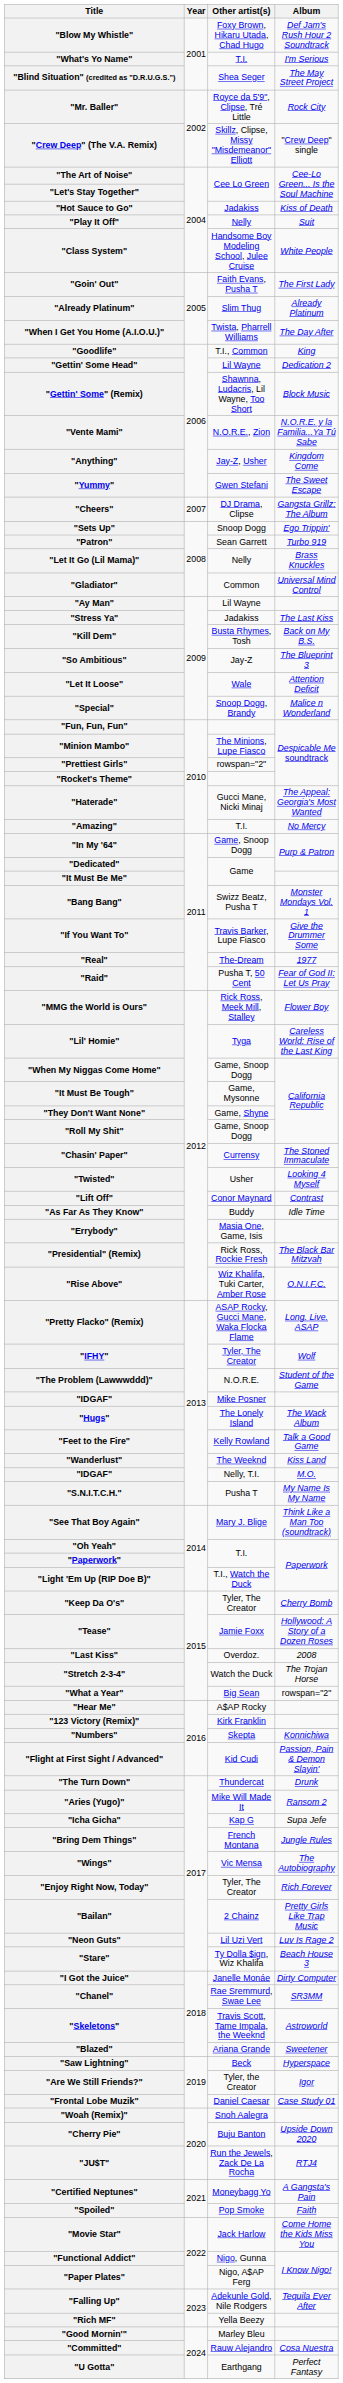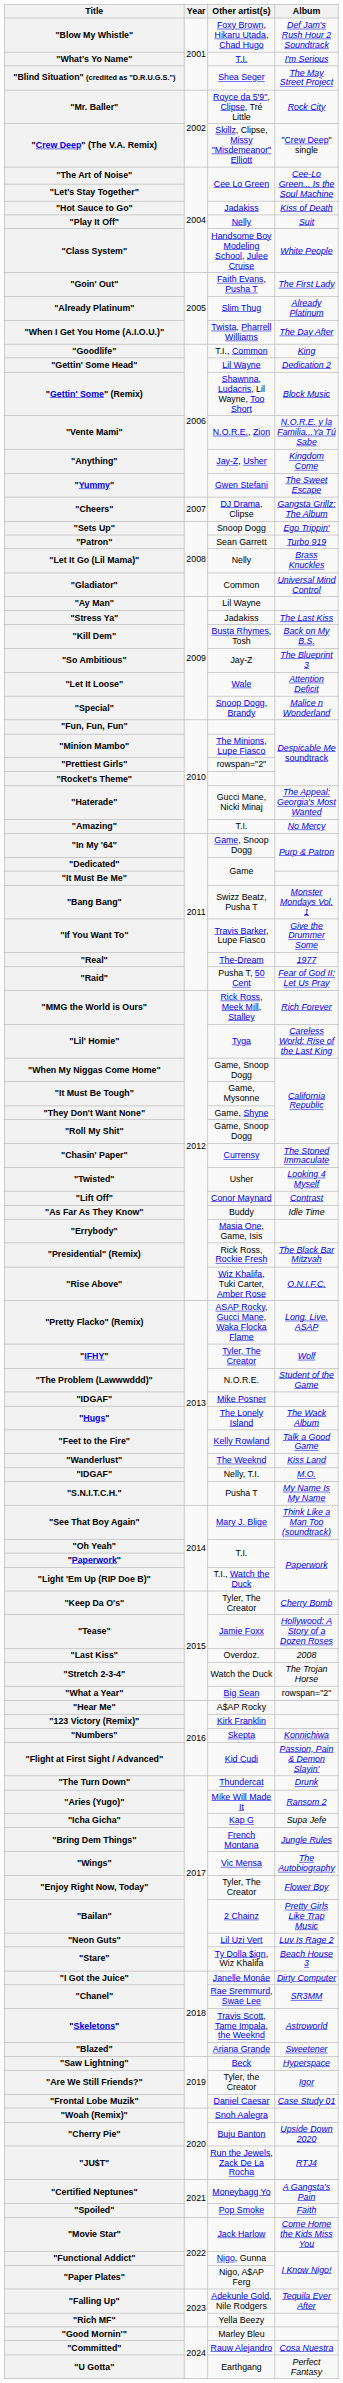 <table class="wikitable plainrowheaders" style="text-align:center;">
 <tr>
 <th scope="col" style="width:20em;">Title</th>
 <th scope="col" style="width:1em;">Year</th>
 <th scope="col">Other artist(s)</th>
 <th scope="col">Album</th>
 </tr>
 <tr>
 <th scope="row">"Blow My Whistle"</th>
 <td rowspan="3">2001</td>
 <td><a href='#'>Foxy Brown</a>, <a href='#'>Hikaru Utada</a>, <a href='#'>Chad Hugo</a></td>
 <td><em><a href='#'>Def Jam's Rush Hour 2 Soundtrack</a></em></td>
 </tr>
 <tr>
 <th scope="row">"What's Yo Name"</th>
 <td><a href='#'>T.I.</a></td>
 <td><em><a href='#'>I'm Serious</a></em></td>
 </tr>
 <tr>
 <th scope="row">"Blind Situation" <small>(credited as "D.R.U.G.S.")</small></th>
 <td><a href='#'>Shea Seger</a></td>
 <td><em><a href='#'>The May Street Project</a></em></td>
 </tr>
 <tr>
 <th scope="row">"Mr. Baller"</th>
 <td rowspan="2">2002</td>
 <td><a href='#'>Royce da 5'9"</a>, <a href='#'>Clipse</a>, Tré Little</td>
 <td><em><a href='#'>Rock City</a></em></td>
 </tr>
 <tr>
 <th scope="row">"<a href='#'>Crew Deep</a>" (The V.A. Remix)</th>
 <td><a href='#'>Skillz</a>, Clipse, <a href='#'>Missy "Misdemeanor" Elliott</a></td>
 <td>"<a href='#'>Crew Deep</a>" single</td>
 </tr>
 <tr>
 <th scope="row">"The Art of Noise"</th>
 <td rowspan="5">2004</td>
 <td rowspan="2"><a href='#'>Cee Lo Green</a></td>
 <td rowspan="2"><em><a href='#'>Cee-Lo Green... Is the Soul Machine</a></em></td>
 </tr>
 <tr>
 <th scope="row">"Let's Stay Together"</th>
 </tr>
 <tr>
 <th scope="row">"Hot Sauce to Go"</th>
 <td><a href='#'>Jadakiss</a></td>
 <td><em><a href='#'>Kiss of Death</a></em></td>
 </tr>
 <tr>
 <th scope="row">"Play It Off"</th>
 <td><a href='#'>Nelly</a></td>
 <td><em><a href='#'>Suit</a></em></td>
 </tr>
 <tr>
 <th scope="row">"Class System"</th>
 <td><a href='#'>Handsome Boy Modeling School</a>, <a href='#'>Julee Cruise</a></td>
 <td><em><a href='#'>White People</a></em></td>
 </tr>
 <tr>
 <th scope="row">"Goin' Out"</th>
 <td rowspan="3">2005</td>
 <td><a href='#'>Faith Evans</a>, <a href='#'>Pusha T</a></td>
 <td><em><a href='#'>The First Lady</a></em></td>
 </tr>
 <tr>
 <th scope="row">"Already Platinum"</th>
 <td><a href='#'>Slim Thug</a></td>
 <td><em><a href='#'>Already Platinum</a></em></td>
 </tr>
 <tr>
 <th scope="row">"When I Get You Home (A.I.O.U.)"</th>
 <td><a href='#'>Twista</a>, <a href='#'>Pharrell Williams</a></td>
 <td><em><a href='#'>The Day After</a></em></td>
 </tr>
 <tr>
 <th scope="row">"Goodlife"</th>
 <td rowspan="6">2006</td>
 <td>T.I., <a href='#'>Common</a></td>
 <td><em><a href='#'>King</a></em></td>
 </tr>
 <tr>
 <th scope="row">"Gettin' Some Head"</th>
 <td><a href='#'>Lil Wayne</a></td>
 <td><em><a href='#'>Dedication 2</a></em></td>
 </tr>
 <tr>
 <th scope="row">"<a href='#'>Gettin' Some</a>" (Remix)</th>
 <td><a href='#'>Shawnna</a>, <a href='#'>Ludacris</a>, Lil Wayne, <a href='#'>Too Short</a></td>
 <td><em><a href='#'>Block Music</a></em></td>
 </tr>
 <tr>
 <th scope="row">"Vente Mami"</th>
 <td><a href='#'>N.O.R.E.</a>, <a href='#'>Zion</a></td>
 <td><em><a href='#'>N.O.R.E. y la Familia...Ya Tú Sabe</a></em></td>
 </tr>
 <tr>
 <th scope="row">"Anything"</th>
 <td><a href='#'>Jay-Z</a>, <a href='#'>Usher</a></td>
 <td><em><a href='#'>Kingdom Come</a></em></td>
 </tr>
 <tr>
 <th scope="row">"<a href='#'>Yummy</a>"</th>
 <td><a href='#'>Gwen Stefani</a></td>
 <td><em><a href='#'>The Sweet Escape</a></em></td>
 </tr>
 <tr>
 <th scope="row">"Cheers"</th>
 <td>2007</td>
 <td><a href='#'>DJ Drama</a>, Clipse</td>
 <td><em><a href='#'>Gangsta Grillz: The Album</a></em></td>
 </tr>
 <tr>
 <th scope="row">"Sets Up"</th>
 <td rowspan="4">2008</td>
 <td>Snoop Dogg</td>
 <td><em><a href='#'>Ego Trippin'</a></em></td>
 </tr>
 <tr>
 <th scope="row">"Patron"</th>
 <td>Sean Garrett</td>
 <td><em><a href='#'>Turbo 919</a></em></td>
 </tr>
 <tr>
 <th scope="row">"Let It Go (Lil Mama)"</th>
 <td>Nelly</td>
 <td><em><a href='#'>Brass Knuckles</a></em></td>
 </tr>
 <tr>
 <th scope="row">"Gladiator"</th>
 <td>Common</td>
 <td><em><a href='#'>Universal Mind Control</a></em></td>
 </tr>
 <tr>
 <th scope="row">"Ay Man"</th>
 <td rowspan="6">2009</td>
 <td>Lil Wayne</td>
 <td></td>
 </tr>
 <tr>
 <th scope="row">"Stress Ya"</th>
 <td>Jadakiss</td>
 <td><em><a href='#'>The Last Kiss</a></em></td>
 </tr>
 <tr>
 <th scope="row">"Kill Dem"</th>
 <td><a href='#'>Busta Rhymes</a>, Tosh</td>
 <td><em><a href='#'>Back on My B.S.</a></em></td>
 </tr>
 <tr>
 <th scope="row">"So Ambitious"</th>
 <td>Jay-Z</td>
 <td><em><a href='#'>The Blueprint 3</a></em></td>
 </tr>
 <tr>
 <th scope="row">"Let It Loose"</th>
 <td><a href='#'>Wale</a></td>
 <td><em><a href='#'>Attention Deficit</a></em></td>
 </tr>
 <tr>
 <th scope="row">"Special"</th>
 <td><a href='#'>Snoop Dogg</a>, <a href='#'>Brandy</a></td>
 <td><em><a href='#'>Malice n Wonderland</a></em></td>
 </tr>
 <tr>
 <th scope="row">"Fun, Fun, Fun"</th>
 <td rowspan="6">2010</td>
 <td></td>
 <td rowspan="4"><a href='#'><em>Despicable Me</em> soundtrack</a></td>
 </tr>
 <tr>
 <th scope="row">"Minion Mambo"</th>
 <td><a href='#'>The Minions</a>, <a href='#'>Lupe Fiasco</a></td>
 </tr>
 <tr>
 <th scope="row">"Prettiest Girls"</th>
 <td>rowspan="2" </td>
 </tr>
 <tr>
 <th scope="row">"Rocket's Theme"</th>
 </tr>
 <tr>
 <th scope="row">"Haterade"</th>
 <td>Gucci Mane, Nicki Minaj</td>
 <td><em><a href='#'>The Appeal: Georgia's Most Wanted</a></em></td>
 </tr>
 <tr>
 <th scope="row">"Amazing"</th>
 <td>T.I.</td>
 <td><em><a href='#'>No Mercy</a></em></td>
 </tr>
 <tr>
 <th scope="row">"In My '64"</th>
 <td rowspan="7">2011</td>
 <td><a href='#'>Game</a>, Snoop Dogg</td>
 <td rowspan="2"><em><a href='#'>Purp & Patron</a></em></td>
 </tr>
 <tr>
 <th scope="row">"Dedicated"</th>
 <td rowspan="2">Game</td>
 </tr>
 <tr>
 <th scope="row">"It Must Be Me"</th>
 <td></td>
 </tr>
 <tr>
 <th scope="row">"Bang Bang"</th>
 <td>Swizz Beatz, Pusha T</td>
 <td><em><a href='#'>Monster Mondays Vol. 1</a></em></td>
 </tr>
 <tr>
 <th scope="row">"If You Want To"</th>
 <td><a href='#'>Travis Barker</a>, Lupe Fiasco</td>
 <td><em><a href='#'>Give the Drummer Some</a></em></td>
 </tr>
 <tr>
 <th scope="row">"Real"</th>
 <td><a href='#'>The-Dream</a></td>
 <td><em><a href='#'>1977</a></em></td>
 </tr>
 <tr>
 <th scope="row">"Raid"</th>
 <td>Pusha T, <a href='#'>50 Cent</a></td>
 <td><em><a href='#'>Fear of God II: Let Us Pray</a></em></td>
 </tr>
 <tr>
 <th scope="row">"MMG the World is Ours"</th>
 <td rowspan="13">2012</td>
 <td><a href='#'>Rick Ross</a>, <a href='#'>Meek Mill</a>, <a href='#'>Stalley</a></td>
-<td><em><a href='#'>Flower Boy</a></em></td>
+<td><em><a href='#'>Rich Forever</a></em></td>
 </tr>
 <tr>
 <th scope="row">"Lil' Homie"</th>
 <td><a href='#'>Tyga</a></td>
 <td><em><a href='#'>Careless World: Rise of the Last King</a></em></td>
 </tr>
 <tr>
 <th scope="row">"When My Niggas Come Home"</th>
 <td>Game, Snoop Dogg</td>
 <td rowspan="4"><em><a href='#'>California Republic</a></em></td>
 </tr>
 <tr>
 <th scope="row">"It Must Be Tough"</th>
 <td>Game, Mysonne</td>
 </tr>
 <tr>
 <th scope="row">"They Don't Want None"</th>
 <td>Game, <a href='#'>Shyne</a></td>
 </tr>
 <tr>
 <th scope="row">"Roll My Shit"</th>
 <td>Game, Snoop Dogg</td>
 </tr>
 <tr>
 <th scope="row">"Chasin' Paper"</th>
 <td><a href='#'>Currensy</a></td>
 <td><em><a href='#'>The Stoned Immaculate</a></em></td>
 </tr>
 <tr>
 <th scope="row">"Twisted"</th>
 <td>Usher</td>
 <td><em><a href='#'>Looking 4 Myself</a></em></td>
 </tr>
 <tr>
 <th scope="row">"Lift Off"</th>
 <td><a href='#'>Conor Maynard</a></td>
 <td><em><a href='#'>Contrast</a></em></td>
 </tr>
 <tr>
 <th scope="row">"As Far As They Know"</th>
 <td>Buddy</td>
 <td><em>Idle Time</em></td>
 </tr>
 <tr>
 <th scope="row">"Errybody"</th>
 <td><a href='#'>Masia One</a>, Game, Isis</td>
 <td></td>
 </tr>
 <tr>
 <th scope="row">"Presidential" (Remix)</th>
 <td>Rick Ross, <a href='#'>Rockie Fresh</a></td>
 <td><em><a href='#'>The Black Bar Mitzvah</a></em></td>
 </tr>
 <tr>
 <th scope="row">"Rise Above"</th>
 <td><a href='#'>Wiz Khalifa</a>, Tuki Carter, <a href='#'>Amber Rose</a></td>
 <td><em><a href='#'>O.N.I.F.C.</a></em></td>
 </tr>
 <tr>
 <th scope="row">"Pretty Flacko" (Remix)</th>
 <td rowspan="9">2013</td>
 <td><a href='#'>ASAP Rocky</a>, <a href='#'>Gucci Mane</a>, <a href='#'>Waka Flocka Flame</a></td>
 <td><em><a href='#'>Long. Live. ASAP</a></em></td>
 </tr>
 <tr>
 <th scope="row">"<a href='#'>IFHY</a>"</th>
 <td><a href='#'>Tyler, The Creator</a></td>
 <td><em><a href='#'>Wolf</a></em></td>
 </tr>
 <tr>
 <th scope="row">"The Problem (Lawwwddd)"</th>
 <td>N.O.R.E.</td>
 <td><em><a href='#'>Student of the Game</a></em></td>
 </tr>
 <tr>
 <th scope="row">"IDGAF"</th>
 <td><a href='#'>Mike Posner</a></td>
 <td></td>
 </tr>
 <tr>
 <th scope="row">"<a href='#'>Hugs</a>"</th>
 <td><a href='#'>The Lonely Island</a></td>
 <td><em><a href='#'>The Wack Album</a></em></td>
 </tr>
 <tr>
 <th scope="row">"Feet to the Fire"</th>
 <td><a href='#'>Kelly Rowland</a></td>
 <td><em><a href='#'>Talk a Good Game</a></em></td>
 </tr>
 <tr>
 <th scope="row">"Wanderlust"</th>
 <td><a href='#'>The Weeknd</a></td>
 <td><em><a href='#'>Kiss Land</a></em></td>
 </tr>
 <tr>
 <th scope="row">"IDGAF"</th>
 <td>Nelly, T.I.</td>
 <td><em><a href='#'>M.O.</a></em></td>
 </tr>
 <tr>
 <th scope="row">"S.N.I.T.C.H."</th>
 <td>Pusha T</td>
 <td><em><a href='#'>My Name Is My Name</a></em></td>
 </tr>
 <tr>
 <th scope="row">"See That Boy Again"</th>
 <td rowspan="4">2014</td>
 <td><a href='#'>Mary J. Blige</a></td>
 <td><em><a href='#'>Think Like a Man Too (soundtrack)</a></em></td>
 </tr>
 <tr>
 <th scope="row">"Oh Yeah"</th>
 <td rowspan="2">T.I.</td>
 <td rowspan="3"><em><a href='#'>Paperwork</a></em></td>
 </tr>
 <tr>
 <th scope="row">"<a href='#'>Paperwork</a>"</th>
 </tr>
 <tr>
 <th scope="row">"Light 'Em Up (RIP Doe B)"</th>
 <td>T.I., <a href='#'>Watch the Duck</a></td>
 </tr>
 <tr>
 <th scope="row">"Keep Da O's"</th>
 <td rowspan="5">2015</td>
 <td>Tyler, The Creator</td>
 <td><em><a href='#'>Cherry Bomb</a></em></td>
 </tr>
 <tr>
 <th scope="row">"Tease"</th>
 <td><a href='#'>Jamie Foxx</a></td>
 <td><em><a href='#'>Hollywood: A Story of a Dozen Roses</a></em></td>
 </tr>
 <tr>
 <th scope="row">"Last Kiss"</th>
 <td>Overdoz.</td>
 <td><em>2008</em></td>
 </tr>
 <tr>
 <th scope="row">"Stretch 2-3-4"</th>
 <td>Watch the Duck</td>
 <td><em>The Trojan Horse</em></td>
 </tr>
 <tr>
 <th scope="row">"What a Year"</th>
 <td><a href='#'>Big Sean</a></td>
 <td>rowspan="2" </td>
 </tr>
 <tr>
 <th scope="row">"Hear Me"</th>
 <td rowspan="4">2016</td>
 <td>A$AP Rocky</td>
 </tr>
 <tr>
 <th scope="row">"123 Victory (Remix)"</th>
 <td><a href='#'>Kirk Franklin</a></td>
 <td></td>
 </tr>
 <tr>
 <th scope="row">"Numbers"</th>
 <td><a href='#'>Skepta</a></td>
 <td><em><a href='#'>Konnichiwa</a></em></td>
 </tr>
 <tr>
 <th scope="row">"Flight at First Sight / Advanced"</th>
 <td><a href='#'>Kid Cudi</a></td>
 <td><em><a href='#'>Passion, Pain & Demon Slayin'</a></em></td>
 </tr>
 <tr>
 <th scope="row">"The Turn Down"</th>
 <td rowspan="9">2017</td>
 <td><a href='#'>Thundercat</a></td>
 <td><em><a href='#'>Drunk</a></em></td>
 </tr>
 <tr>
 <th scope="row">"Aries (Yugo)"</th>
 <td><a href='#'>Mike Will Made It</a></td>
 <td><em><a href='#'>Ransom 2</a></em></td>
 </tr>
 <tr>
 <th scope="row">"Icha Gicha"</th>
 <td><a href='#'>Kap G</a></td>
 <td><em>Supa Jefe</em></td>
 </tr>
 <tr>
 <th scope="row">"Bring Dem Things"</th>
 <td><a href='#'>French Montana</a></td>
 <td><em><a href='#'>Jungle Rules</a></em></td>
 </tr>
 <tr>
 <th scope="row">"Wings"</th>
 <td><a href='#'>Vic Mensa</a></td>
 <td><em><a href='#'>The Autobiography</a></em></td>
 </tr>
 <tr>
 <th scope="row">"Enjoy Right Now, Today"</th>
 <td>Tyler, The Creator</td>
-<td><em><a href='#'>Rich Forever</a></em></td>
+<td><em><a href='#'>Flower Boy</a></em></td>
 </tr>
 <tr>
 <th scope="row">"Bailan"</th>
 <td><a href='#'>2 Chainz</a></td>
 <td><em><a href='#'>Pretty Girls Like Trap Music</a></em></td>
 </tr>
 <tr>
 <th scope="row">"Neon Guts"</th>
 <td><a href='#'>Lil Uzi Vert</a></td>
 <td><em><a href='#'>Luv Is Rage 2</a></em></td>
 </tr>
 <tr>
 <th scope="row">"Stare"</th>
 <td><a href='#'>Ty Dolla $ign</a>, Wiz Khalifa</td>
 <td><em><a href='#'>Beach House 3</a></em></td>
 </tr>
 <tr>
 <th scope="row">"I Got the Juice"</th>
 <td rowspan="4">2018</td>
 <td><a href='#'>Janelle Monáe</a></td>
 <td><em><a href='#'>Dirty Computer</a></em></td>
 </tr>
 <tr>
 <th scope="row">"Chanel"</th>
 <td><a href='#'>Rae Sremmurd</a>, <a href='#'>Swae Lee</a></td>
 <td><em><a href='#'>SR3MM</a></em></td>
 </tr>
 <tr>
 <th scope="row">"<a href='#'>Skeletons</a>"</th>
 <td><a href='#'>Travis Scott</a>, <a href='#'>Tame Impala</a>, <a href='#'>the Weeknd</a></td>
 <td><em><a href='#'>Astroworld</a></em></td>
 </tr>
 <tr>
 <th scope="row">"Blazed"</th>
 <td><a href='#'>Ariana Grande</a></td>
 <td><em><a href='#'>Sweetener</a></em></td>
 </tr>
 <tr>
 <th scope="row">"Saw Lightning"</th>
 <td rowspan="3">2019</td>
 <td><a href='#'>Beck</a></td>
 <td><em><a href='#'>Hyperspace</a></em></td>
 </tr>
 <tr>
 <th scope="row">"Are We Still Friends?"</th>
 <td>Tyler, the Creator</td>
 <td><em><a href='#'>Igor</a></em></td>
 </tr>
 <tr>
 <th scope="row">"Frontal Lobe Muzik"</th>
 <td><a href='#'>Daniel Caesar</a></td>
 <td><em><a href='#'>Case Study 01</a></em></td>
 </tr>
 <tr>
 <th scope="row">"Woah (Remix)"</th>
 <td rowspan="3">2020</td>
 <td><a href='#'>Snoh Aalegra</a></td>
 <td></td>
 </tr>
 <tr>
 <th scope="row">"Cherry Pie"</th>
 <td><a href='#'>Buju Banton</a></td>
 <td><em><a href='#'>Upside Down 2020</a></em></td>
 </tr>
 <tr>
 <th scope="row">"JU$T"</th>
 <td><a href='#'>Run the Jewels</a>, <a href='#'>Zack De La Rocha</a></td>
 <td><em><a href='#'>RTJ4</a></em></td>
 </tr>
 <tr>
 <th scope="row">"Certified Neptunes"</th>
 <td rowspan="2">2021</td>
 <td><a href='#'>Moneybagg Yo</a></td>
 <td><em><a href='#'>A Gangsta's Pain</a></em></td>
 </tr>
 <tr>
 <th scope="row">"Spoiled"</th>
 <td><a href='#'>Pop Smoke</a></td>
 <td><em><a href='#'>Faith</a></em></td>
 </tr>
 <tr>
 <th scope="row">"Movie Star"</th>
 <td rowspan="3">2022</td>
 <td><a href='#'>Jack Harlow</a></td>
 <td><em><a href='#'>Come Home the Kids Miss You</a></em></td>
 </tr>
 <tr>
 <th scope="row">"Functional Addict"</th>
 <td><a href='#'>Nigo</a>, Gunna</td>
 <td rowspan="2"><em><a href='#'>I Know Nigo!</a></em></td>
 </tr>
 <tr>
 <th scope="row">"Paper Plates"</th>
 <td>Nigo, A$AP Ferg</td>
 </tr>
 <tr>
 <th scope="row">"Falling Up"</th>
 <td rowspan="2">2023</td>
 <td><a href='#'>Adekunle Gold</a>, Nile Rodgers</td>
 <td><em><a href='#'>Tequila Ever After</a></em></td>
 </tr>
 <tr>
 <th scope="row">"Rich MF"</th>
 <td>Yella Beezy</td>
 <td></td>
 </tr>
 <tr>
 <th scope="row">"Good Mornin'"</th>
 <td rowspan="3">2024</td>
 <td>Marley Bleu</td>
 <td></td>
 </tr>
 <tr>
 <th scope="row">"Committed"</th>
 <td><a href='#'>Rauw Alejandro</a></td>
 <td><em><a href='#'>Cosa Nuestra</a></em></td>
 </tr>
 <tr>
 <th scope="row">"U Gotta"</th>
 <td>Earthgang</td>
 <td><em>Perfect Fantasy</em></td>
 </tr>
 </table>
